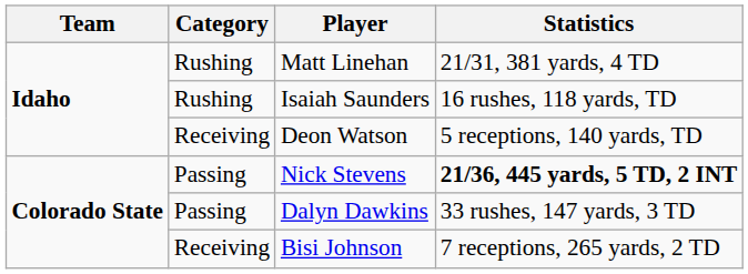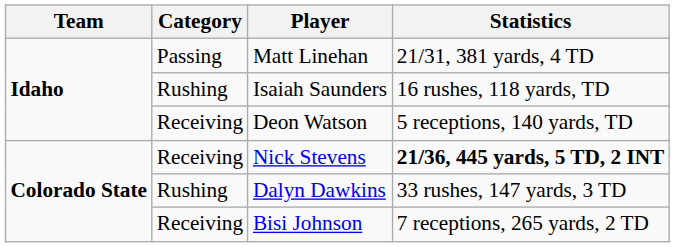 <table class="wikitable" style="float: right;">
 <tr>
 <th>Team</th>
 <th>Category</th>
 <th>Player</th>
 <th>Statistics</th>
 </tr>
 <tr>
 <td rowspan=3><strong>Idaho</strong></td>
-<td>Rushing</td>
+<td>Passing</td>
 <td>Matt Linehan</td>
 <td>21/31, 381 yards, 4 TD</td>
 </tr>
 <tr>
 <td>Rushing</td>
 <td>Isaiah Saunders</td>
 <td>16 rushes, 118 yards, TD</td>
 </tr>
 <tr>
 <td>Receiving</td>
 <td>Deon Watson</td>
 <td>5 receptions, 140 yards, TD</td>
 </tr>
 <tr>
 <td rowspan=3><strong>Colorado State</strong></td>
-<td>Passing</td>
+<td>Receiving</td>
 <td><a href='#'>Nick Stevens</a></td>
 <td><strong>21/36, 445 yards, 5 TD, 2 INT</strong></td>
 </tr>
 <tr>
-<td>Passing</td>
+<td>Rushing</td>
 <td><a href='#'>Dalyn Dawkins</a></td>
 <td>33 rushes, 147 yards, 3 TD</td>
 </tr>
 <tr>
 <td>Receiving</td>
 <td><a href='#'>Bisi Johnson</a></td>
 <td>7 receptions, 265 yards, 2 TD</td>
 </tr>
 </table>
